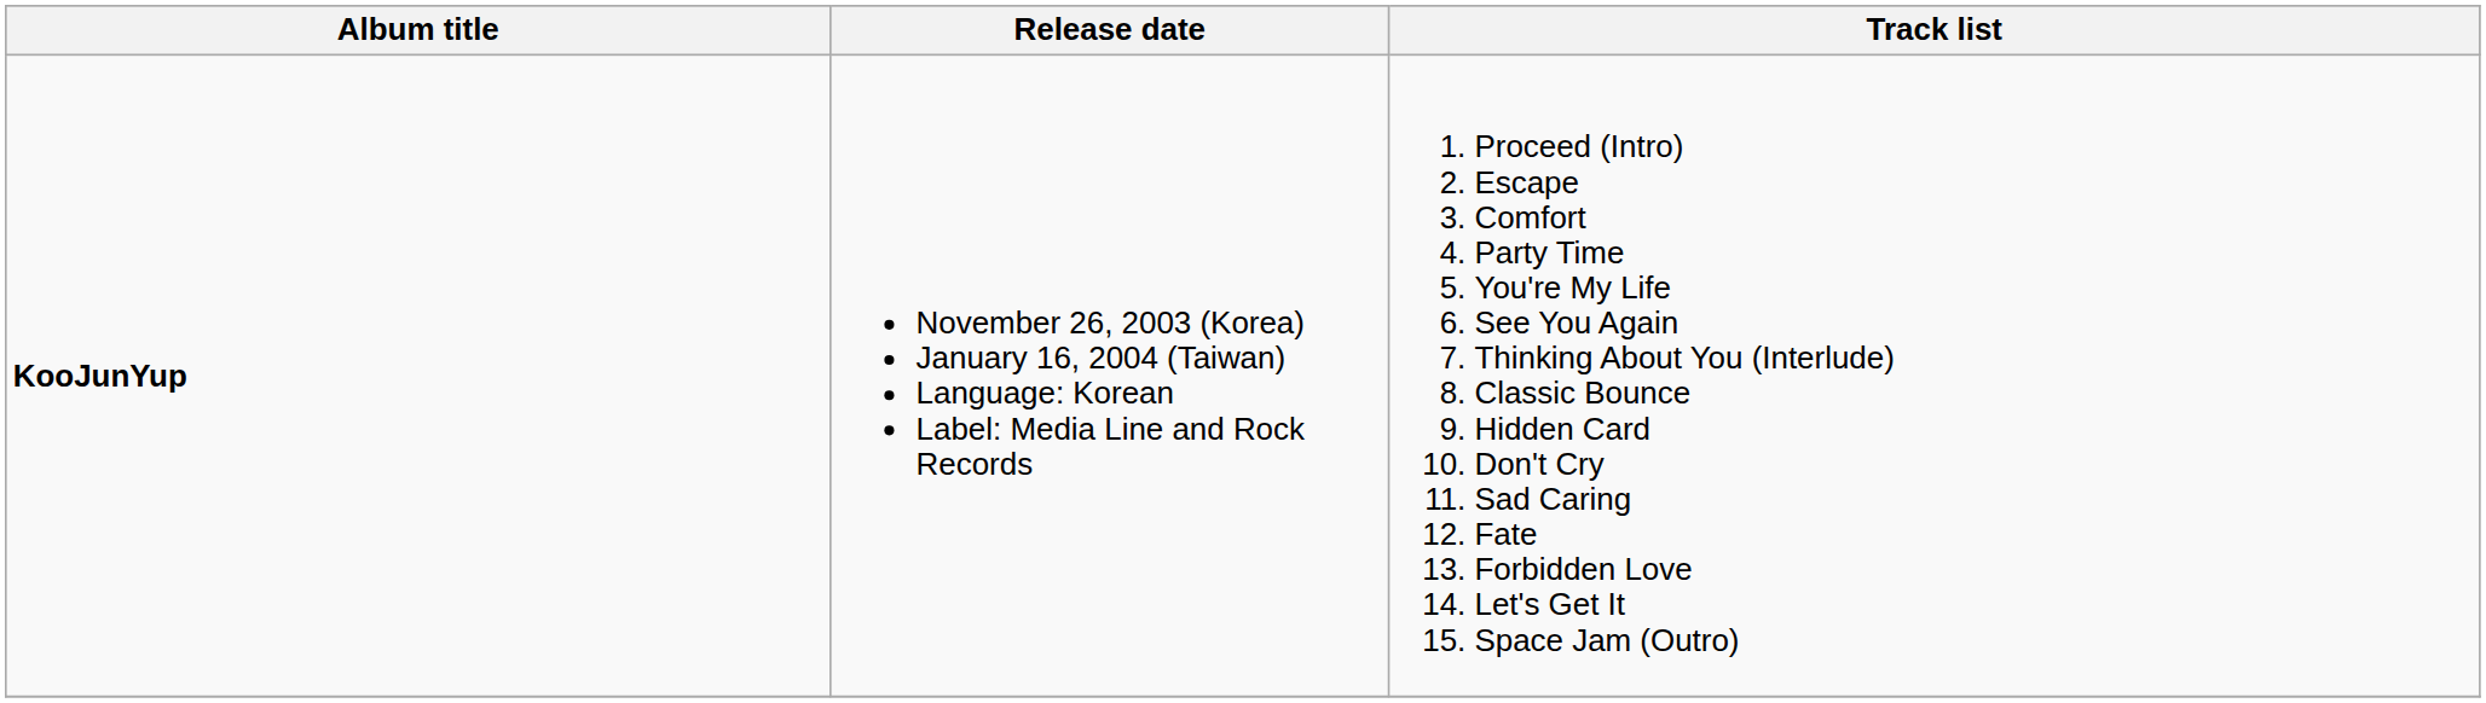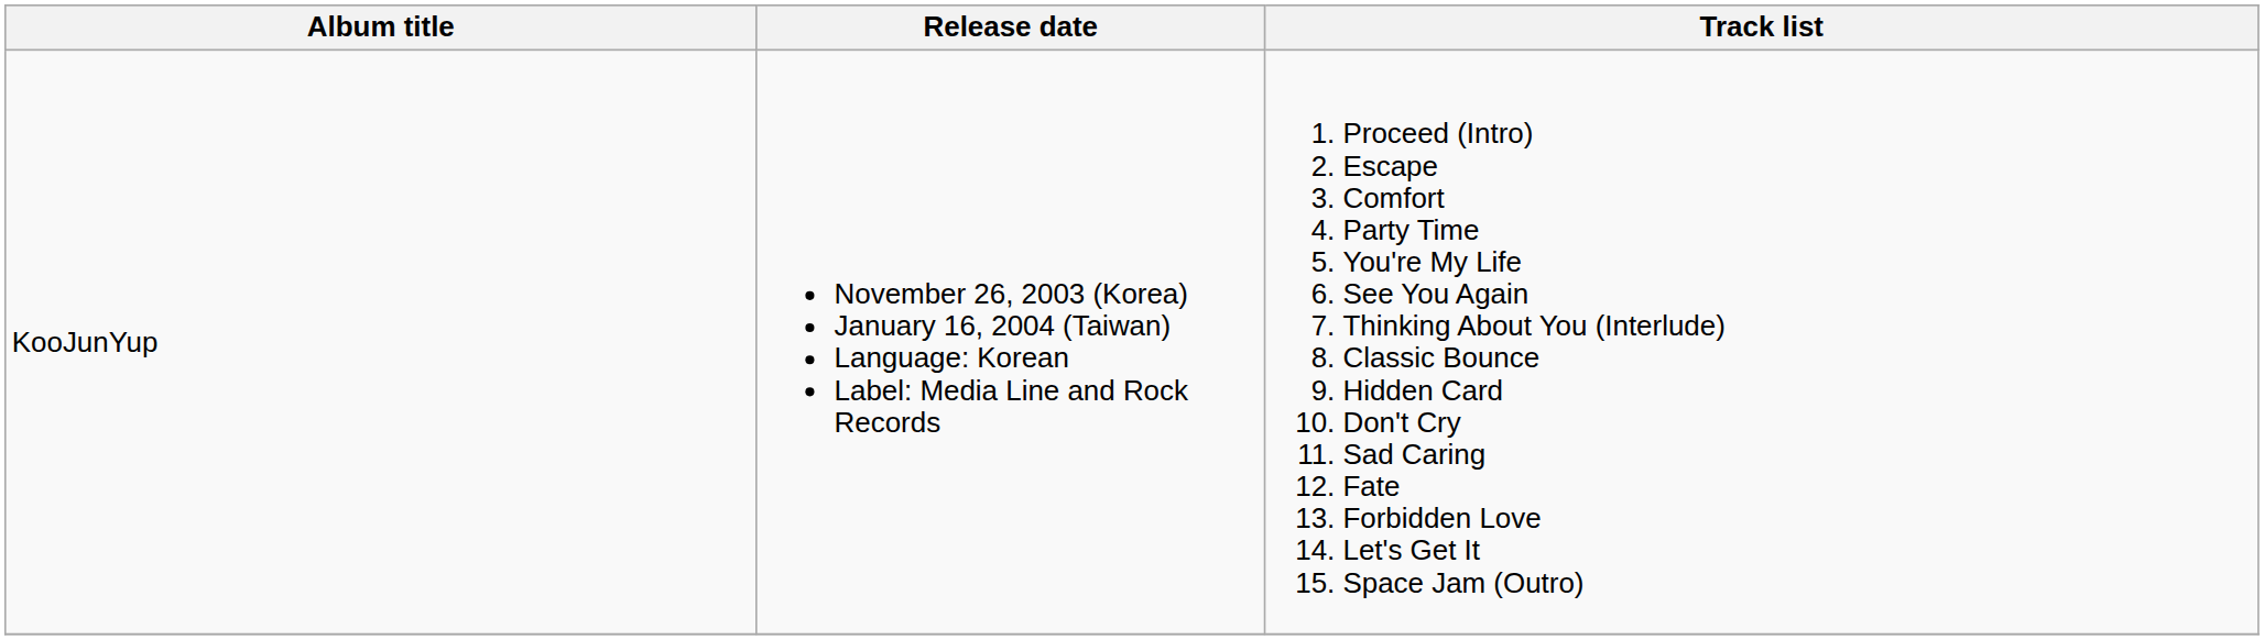 <table class="wikitable" width="100%">
 <tr bgcolor="#CCCCCC" align="center">
 <th align="left" width="225px">Album title</th>
 <th align="left" width="150px">Release date</th>
 <th align="left" width="300px">Track list</th>
 </tr>
 <tr>
-<td align="left"><strong>KooJunYup</strong></td>
+<td align="left">KooJunYup</td>
 <td><br><ul><li>November 26, 2003 (Korea)</li><li>January 16, 2004 (Taiwan)</li><li>Language: Korean</li><li>Label: Media Line and Rock Records</li></ul></td>
 <td><br><ol><li>Proceed (Intro)</li><li>Escape</li><li>Comfort</li><li>Party Time</li><li>You're My Life</li><li>See You Again</li><li>Thinking About You (Interlude)</li><li>Classic Bounce</li><li>Hidden Card</li><li>Don't Cry</li><li>Sad Caring</li><li>Fate</li><li>Forbidden Love</li><li>Let's Get It</li><li>Space Jam (Outro)</li></ol></td>
 </tr>
 <tr>
 </tr>
 </table>
